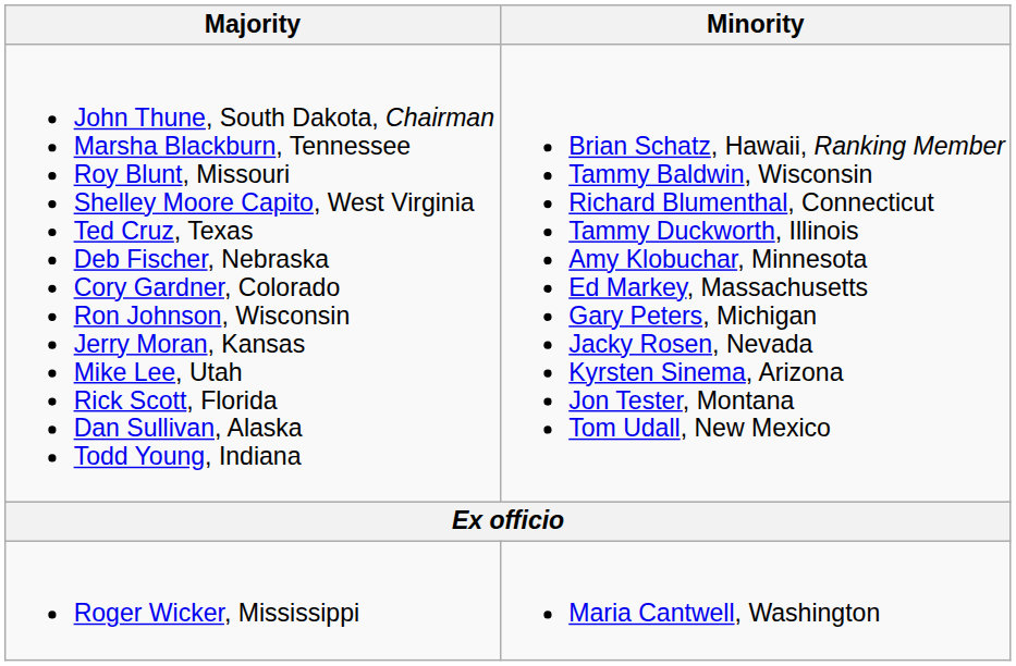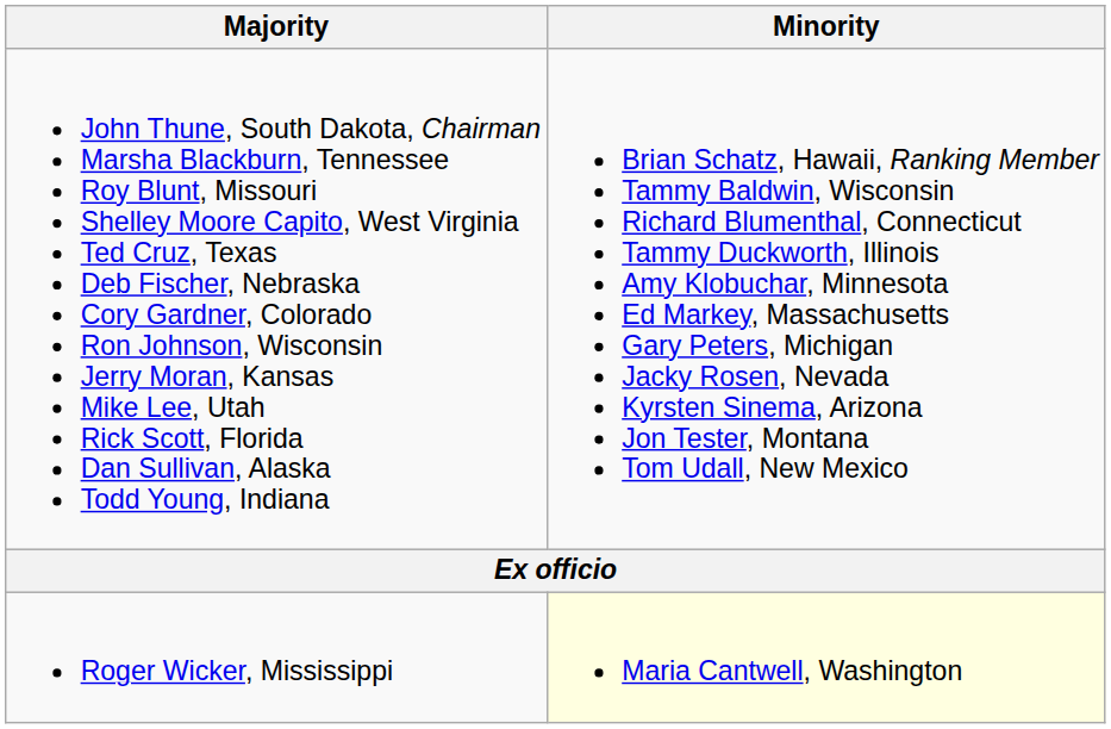 <table class=wikitable>
 <tr>
 <th>Majority</th>
 <th>Minority</th>
 </tr>
 <tr>
 <td><br><ul><li><a href='#'>John Thune</a>, South Dakota, <em>Chairman</em></li><li><a href='#'>Marsha Blackburn</a>, Tennessee</li><li><a href='#'>Roy Blunt</a>, Missouri</li><li><a href='#'>Shelley Moore Capito</a>, West Virginia</li><li><a href='#'>Ted Cruz</a>, Texas</li><li><a href='#'>Deb Fischer</a>, Nebraska</li><li><a href='#'>Cory Gardner</a>, Colorado</li><li><a href='#'>Ron Johnson</a>, Wisconsin</li><li><a href='#'>Jerry Moran</a>, Kansas</li><li><a href='#'>Mike Lee</a>, Utah</li><li><a href='#'>Rick Scott</a>, Florida</li><li><a href='#'>Dan Sullivan</a>, Alaska</li><li><a href='#'>Todd Young</a>, Indiana</li></ul></td>
 <td><br><ul><li><a href='#'>Brian Schatz</a>, Hawaii, <em>Ranking Member</em></li><li><a href='#'>Tammy Baldwin</a>, Wisconsin</li><li><a href='#'>Richard Blumenthal</a>, Connecticut</li><li><a href='#'>Tammy Duckworth</a>, Illinois</li><li><a href='#'>Amy Klobuchar</a>, Minnesota</li><li><a href='#'>Ed Markey</a>, Massachusetts</li><li><a href='#'>Gary Peters</a>, Michigan</li><li><a href='#'>Jacky Rosen</a>, Nevada</li><li><a href='#'>Kyrsten Sinema</a>, Arizona</li><li><a href='#'>Jon Tester</a>, Montana</li><li><a href='#'>Tom Udall</a>, New Mexico</li></ul></td>
 </tr>
 <tr>
 <th colspan=2><em>Ex officio</em></th>
 </tr>
 <tr>
 <td><br><ul><li><a href='#'>Roger Wicker</a>, Mississippi</li></ul></td>
-<td><br><ul><li><a href='#'>Maria Cantwell</a>, Washington</li></ul></td>
+<td style="background: lightyellow;"><br><ul><li><a href='#'>Maria Cantwell</a>, Washington</li></ul></td>
 </tr>
 </table>
